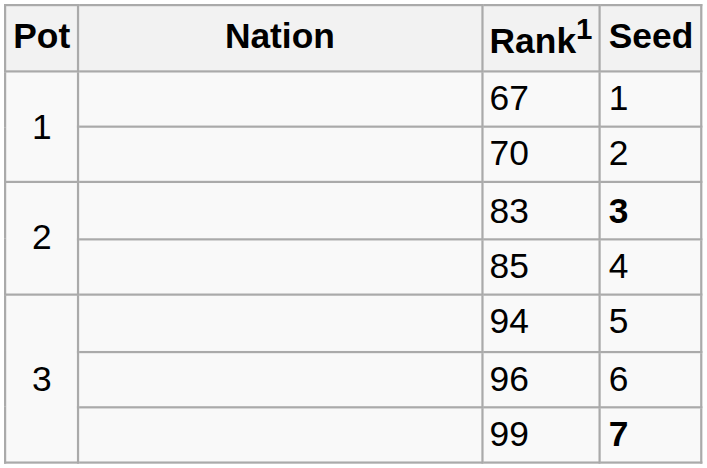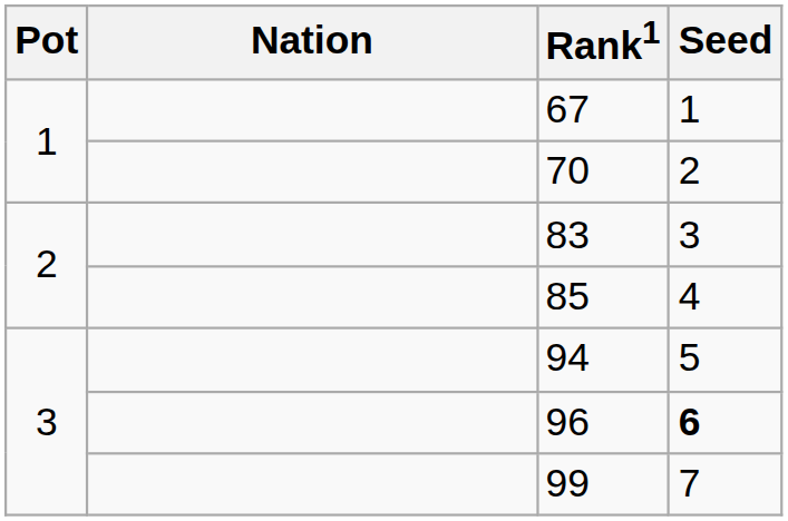 <table class="wikitable">
 <tr>
 <th>Pot</th>
 <th width="175">Nation</th>
 <th>Rank<sup>1</sup></th>
 <th>Seed</th>
 </tr>
 <tr>
 <td rowspan=2 style="text-align:center;">1</td>
 <td></td>
 <td>67</td>
 <td>1</td>
 </tr>
 <tr>
 <td></td>
 <td>70</td>
 <td>2</td>
 </tr>
 <tr>
 <td rowspan=2 style="text-align:center;">2</td>
 <td></td>
 <td>83</td>
-<td><strong>3</strong></td>
+<td>3</td>
 </tr>
 <tr>
 <td></td>
 <td>85</td>
 <td>4</td>
 </tr>
 <tr>
 <td rowspan=3 style="text-align:center;">3</td>
 <td></td>
 <td>94</td>
 <td>5</td>
 </tr>
 <tr>
 <td></td>
 <td>96</td>
-<td>6</td>
+<td><strong>6</strong></td>
 </tr>
 <tr>
 <td></td>
 <td>99</td>
-<td><strong>7</strong></td>
+<td>7</td>
 </tr>
 </table>
